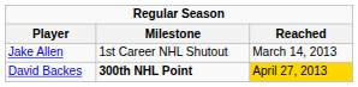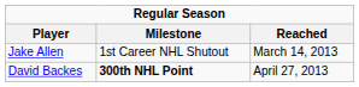 <table class="wikitable" width="52%">
 <tr>
 <td colspan="10" align="center"><strong>Regular Season</strong></td>
 </tr>
 <tr>
 <th>Player</th>
 <th>Milestone</th>
 <th>Reached</th>
 </tr>
 <tr>
 <td><a href='#'>Jake Allen</a></td>
 <td>1st Career NHL Shutout</td>
 <td>March 14, 2013</td>
 </tr>
 <tr>
 <td><a href='#'>David Backes</a></td>
 <td><strong>300th NHL Point</strong></td>
-<td style="background: gold;">April 27, 2013</td>
+<td>April 27, 2013</td>
 </tr>
 </table>
